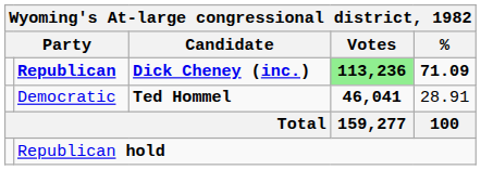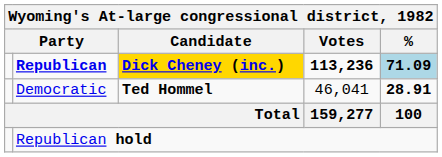 <table class=wikitable>
 <tr>
 <th colspan = 6>Wyoming's At-large congressional district, 1982</th>
 </tr>
 <tr>
 <th colspan=2>Party</th>
 <th>Candidate</th>
 <th>Votes</th>
 <th>%</th>
 </tr>
 <tr>
 <td></td>
 <td><strong><a href='#'>Republican</a></strong></td>
-<td><strong><a href='#'>Dick Cheney</a> (<a href='#'>inc.</a>)</strong></td>
-<td align=center style="background: lightgreen;"><strong>113,236</strong></td>
-<td align=center><strong>71.09</strong></td>
+<td style="background: gold;"><strong><a href='#'>Dick Cheney</a> (<a href='#'>inc.</a>)</strong></td>
+<td align=center><strong>113,236</strong></td>
+<td align=center style="background: lightblue;"><strong>71.09</strong></td>
 </tr>
 <tr>
 <td></td>
 <td><a href='#'>Democratic</a></td>
 <td><strong>Ted Hommel</strong></td>
-<td align=center><strong>46,041</strong></td>
-<td align=center>28.91</td>
+<td align=center>46,041</td>
+<td align=center><strong>28.91</strong></td>
 </tr>
 <tr>
 <th colspan=3; style="text-align:right;">Total</th>
 <th align=center>159,277</th>
 <th align=center>100</th>
 </tr>
 <tr>
 <td></td>
 <td colspan=6; style="text-align:left;"><a href='#'>Republican</a> <strong>hold</strong></td>
 </tr>
 </table>
